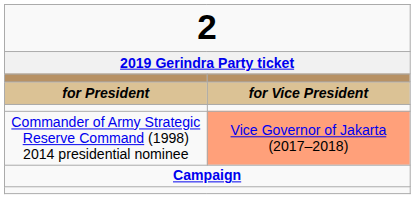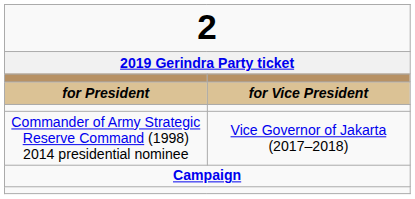 <table class="wikitable" style="font-size:90%; text-align:center">
 <tr>
 <td colspan=2 style="text-align:center;"><big><big><big><big><big><strong>2</strong></big></big></big></big></big></td>
 </tr>
 <tr>
 <td colspan=2 style="background:#f1f1f1;"><strong><a href='#'>2019 Gerindra Party ticket</a></strong></td>
 </tr>
 <tr>
 <th style="font-size:135%; background:#B79164;"><a href='#'></a></th>
 <th style="font-size:135%; background:#B79164;"><a href='#'></a></th>
 </tr>
 <tr style="color:#000; font-size:100%; background:#DBC295;">
 <td style="width:3em; width:200px;"><strong><em>for President</em></strong></td>
 <td style="width:3em; width:200px;"><strong><em>for Vice President</em></strong></td>
 </tr>
 <tr>
 <td></td>
 <td></td>
 </tr>
 <tr>
 <td><a href='#'>Commander of Army Strategic Reserve Command</a> (1998)<br>2014 presidential nominee</td>
-<td style="background: lightsalmon;"><a href='#'>Vice Governor of Jakarta</a> (2017–2018)</td>
+<td><a href='#'>Vice Governor of Jakarta</a> (2017–2018)</td>
 </tr>
 <tr>
 <td colspan=2><strong><a href='#'>Campaign</a></strong></td>
 </tr>
 <tr>
 <td colspan=2></td>
 </tr>
 </table>
